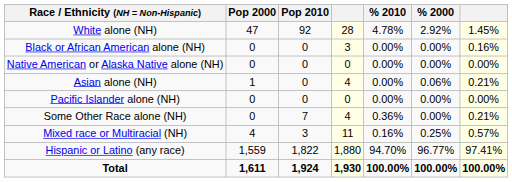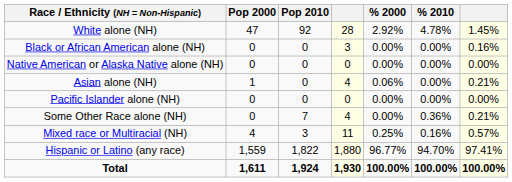 <table class="wikitable" style="text-align:center;">
 <tr>
 <th>Race / Ethnicity <small>(<em>NH = Non-Hispanic</em>)</small></th>
 <th>Pop 2000</th>
 <th>Pop 2010</th>
 <th></th>
+<th>% 2000</th>
 <th>% 2010</th>
-<th>% 2000</th>
 <th></th>
 </tr>
 <tr>
 <td><a href='#'>White</a> alone (NH)</td>
 <td>47</td>
 <td>92</td>
 <td style='background: #ffffe6;'>28</td>
+<td>2.92%</td>
 <td>4.78%</td>
-<td>2.92%</td>
 <td style='background: #ffffe6;'>1.45%</td>
 </tr>
 <tr>
 <td><a href='#'>Black or African American</a> alone (NH)</td>
 <td>0</td>
 <td>0</td>
 <td style='background: #ffffe6;'>3</td>
 <td>0.00%</td>
 <td>0.00%</td>
 <td style='background: #ffffe6;'>0.16%</td>
 </tr>
 <tr>
 <td><a href='#'>Native American</a> or <a href='#'>Alaska Native</a> alone (NH)</td>
 <td>0</td>
 <td>0</td>
 <td style='background: #ffffe6;'>0</td>
 <td>0.00%</td>
 <td>0.00%</td>
 <td style='background: #ffffe6;'>0.00%</td>
 </tr>
 <tr>
 <td><a href='#'>Asian</a> alone (NH)</td>
 <td>1</td>
 <td>0</td>
 <td style='background: #ffffe6;'>4</td>
+<td>0.06%</td>
 <td>0.00%</td>
-<td>0.06%</td>
 <td style='background: #ffffe6;'>0.21%</td>
 </tr>
 <tr>
 <td><a href='#'>Pacific Islander</a> alone (NH)</td>
 <td>0</td>
 <td>0</td>
 <td style='background: #ffffe6;'>0</td>
 <td>0.00%</td>
 <td>0.00%</td>
 <td style='background: #ffffe6;'>0.00%</td>
 </tr>
 <tr>
 <td>Some Other Race alone (NH)</td>
 <td>0</td>
 <td>7</td>
 <td style='background: #ffffe6;'>4</td>
+<td>0.00%</td>
 <td>0.36%</td>
-<td>0.00%</td>
 <td style='background: #ffffe6;'>0.21%</td>
 </tr>
 <tr>
 <td><a href='#'>Mixed race or Multiracial</a> (NH)</td>
 <td>4</td>
 <td>3</td>
 <td style='background: #ffffe6;'>11</td>
+<td>0.25%</td>
 <td>0.16%</td>
-<td>0.25%</td>
 <td style='background: #ffffe6;'>0.57%</td>
 </tr>
 <tr>
 <td><a href='#'>Hispanic or Latino</a> (any race)</td>
 <td>1,559</td>
 <td>1,822</td>
 <td style='background: #ffffe6;'>1,880</td>
+<td>96.77%</td>
 <td>94.70%</td>
-<td>96.77%</td>
 <td style='background: #ffffe6;'>97.41%</td>
 </tr>
 <tr>
 <td><strong>Total</strong></td>
 <td><strong>1,611</strong></td>
 <td><strong>1,924</strong></td>
 <td style='background: #ffffe6;'><strong>1,930</strong></td>
 <td><strong>100.00%</strong></td>
 <td><strong>100.00%</strong></td>
 <td style='background: #ffffe6;'><strong>100.00%</strong></td>
 </tr>
 </table>
